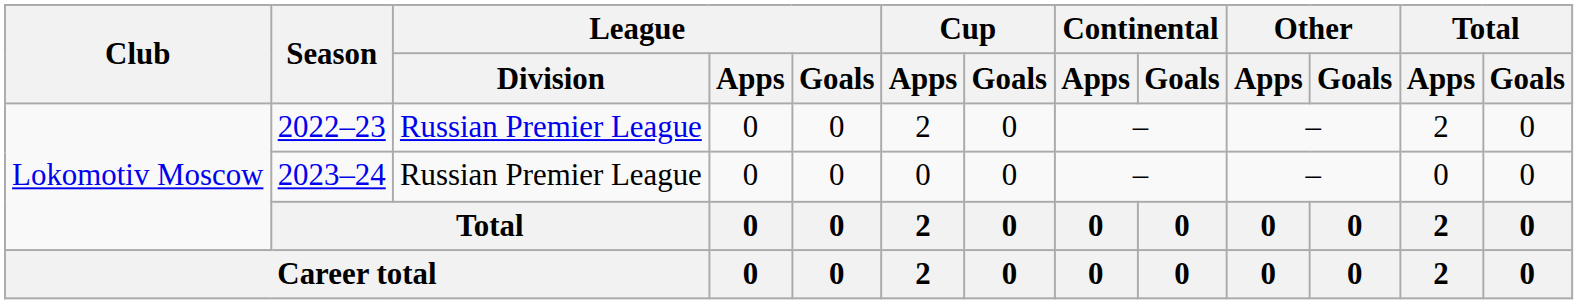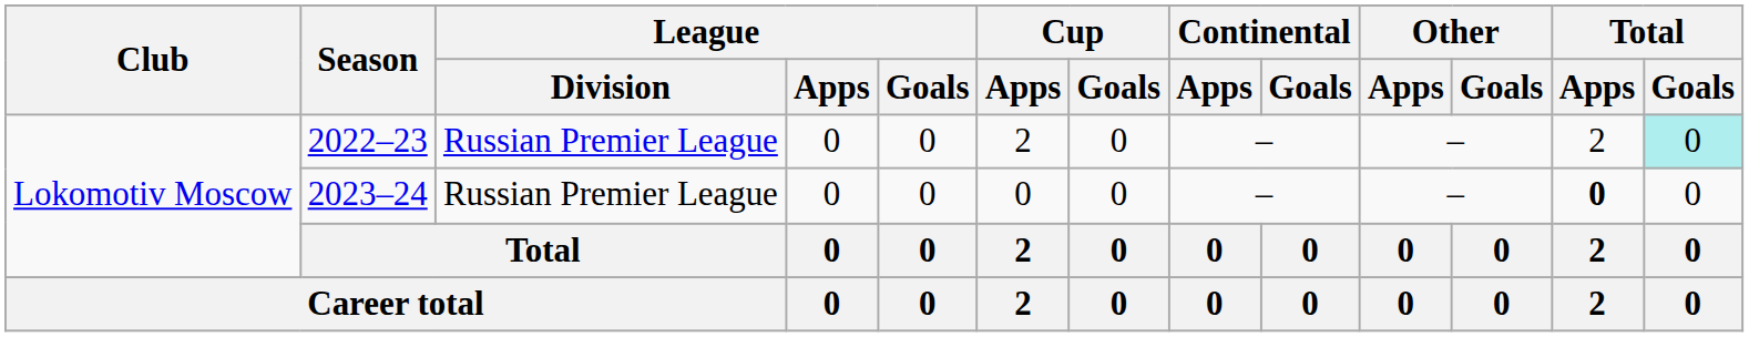 <table class="wikitable" style="text-align:center">
 <tr>
 <th rowspan="2">Club</th>
 <th rowspan="2">Season</th>
 <th colspan="3">League</th>
 <th colspan="2">Cup</th>
 <th colspan="2">Continental</th>
 <th colspan="2">Other</th>
 <th colspan="2">Total</th>
 </tr>
 <tr>
 <th>Division</th>
 <th>Apps</th>
 <th>Goals</th>
 <th>Apps</th>
 <th>Goals</th>
 <th>Apps</th>
 <th>Goals</th>
 <th>Apps</th>
 <th>Goals</th>
 <th>Apps</th>
 <th>Goals</th>
 </tr>
 <tr>
 <td rowspan="3"><a href='#'>Lokomotiv Moscow</a></td>
 <td><a href='#'>2022–23</a></td>
 <td><a href='#'>Russian Premier League</a></td>
 <td>0</td>
 <td>0</td>
 <td>2</td>
 <td>0</td>
 <td colspan="2">–</td>
 <td colspan="2">–</td>
 <td>2</td>
-<td>0</td>
+<td style="background: paleturquoise;">0</td>
 </tr>
 <tr>
 <td><a href='#'>2023–24</a></td>
 <td>Russian Premier League</td>
 <td>0</td>
 <td>0</td>
 <td>0</td>
 <td>0</td>
 <td colspan="2">–</td>
 <td colspan="2">–</td>
-<td>0</td>
+<td><strong>0</strong></td>
 <td>0</td>
 </tr>
 <tr>
 <th colspan="2">Total</th>
 <th>0</th>
 <th>0</th>
 <th>2</th>
 <th>0</th>
 <th>0</th>
 <th>0</th>
 <th>0</th>
 <th>0</th>
 <th>2</th>
 <th>0</th>
 </tr>
 <tr>
 <th colspan="3">Career total</th>
 <th>0</th>
 <th>0</th>
 <th>2</th>
 <th>0</th>
 <th>0</th>
 <th>0</th>
 <th>0</th>
 <th>0</th>
 <th>2</th>
 <th>0</th>
 </tr>
 </table>
